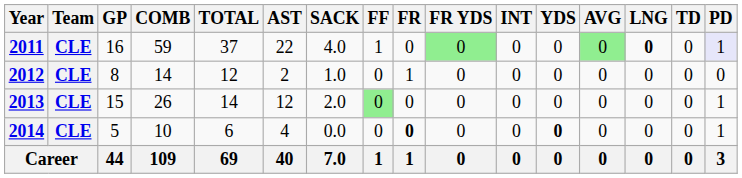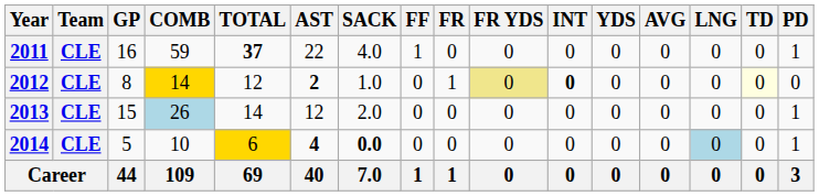 <table class="wikitable" style="text-align:center">
 <tr>
 <th>Year</th>
 <th>Team</th>
 <th>GP</th>
 <th>COMB</th>
 <th>TOTAL</th>
 <th>AST</th>
 <th>SACK</th>
 <th>FF</th>
 <th>FR</th>
 <th>FR YDS</th>
 <th>INT</th>
 <th>YDS</th>
 <th>AVG</th>
 <th>LNG</th>
 <th>TD</th>
 <th>PD</th>
 </tr>
 <tr>
 <th><a href='#'>2011</a></th>
 <th><a href='#'>CLE</a></th>
 <td>16</td>
 <td>59</td>
-<td>37</td>
+<td><strong>37</strong></td>
 <td>22</td>
 <td>4.0</td>
-<td>1</td>
-<td>0</td>
-<td style="background: lightgreen;">0</td>
-<td>0</td>
-<td>0</td>
-<td style="background: lightgreen;">0</td>
-<td><strong>0</strong></td>
-<td>0</td>
-<td style="background: lavender;">1</td>
-</tr>
-<tr>
-<th><a href='#'>2012</a></th>
-<th><a href='#'>CLE</a></th>
-<td>8</td>
-<td>14</td>
-<td>12</td>
-<td>2</td>
-<td>1.0</td>
-<td>0</td>
 <td>1</td>
 <td>0</td>
 <td>0</td>
 <td>0</td>
 <td>0</td>
 <td>0</td>
 <td>0</td>
 <td>0</td>
+<td>1</td>
+</tr>
+<tr>
+<th><a href='#'>2012</a></th>
+<th><a href='#'>CLE</a></th>
+<td>8</td>
+<td style="background: gold;">14</td>
+<td>12</td>
+<td><strong>2</strong></td>
+<td>1.0</td>
+<td>0</td>
+<td>1</td>
+<td style="background: khaki;">0</td>
+<td><strong>0</strong></td>
+<td>0</td>
+<td>0</td>
+<td>0</td>
+<td style="background: lightyellow;">0</td>
+<td>0</td>
 </tr>
 <tr>
 <th><a href='#'>2013</a></th>
 <th><a href='#'>CLE</a></th>
 <td>15</td>
-<td>26</td>
+<td style="background: lightblue;">26</td>
 <td>14</td>
 <td>12</td>
 <td>2.0</td>
-<td style="background: lightgreen;">0</td>
+<td>0</td>
 <td>0</td>
 <td>0</td>
 <td>0</td>
 <td>0</td>
 <td>0</td>
 <td>0</td>
 <td>0</td>
 <td>1</td>
 </tr>
 <tr>
 <th><a href='#'>2014</a></th>
 <th><a href='#'>CLE</a></th>
 <td>5</td>
 <td>10</td>
-<td>6</td>
-<td>4</td>
-<td>0.0</td>
-<td>0</td>
-<td><strong>0</strong></td>
+<td style="background: gold;">6</td>
+<td><strong>4</strong></td>
+<td><strong>0.0</strong></td>
 <td>0</td>
 <td>0</td>
-<td><strong>0</strong></td>
 <td>0</td>
 <td>0</td>
+<td>0</td>
+<td>0</td>
+<td style="background: lightblue;">0</td>
 <td>0</td>
 <td>1</td>
 </tr>
 <tr>
 <th colspan="2">Career</th>
 <th>44</th>
 <th>109</th>
 <th>69</th>
 <th>40</th>
 <th>7.0</th>
 <th>1</th>
 <th>1</th>
 <th>0</th>
 <th>0</th>
 <th>0</th>
 <th>0</th>
 <th>0</th>
 <th>0</th>
 <th>3</th>
 </tr>
 </table>
